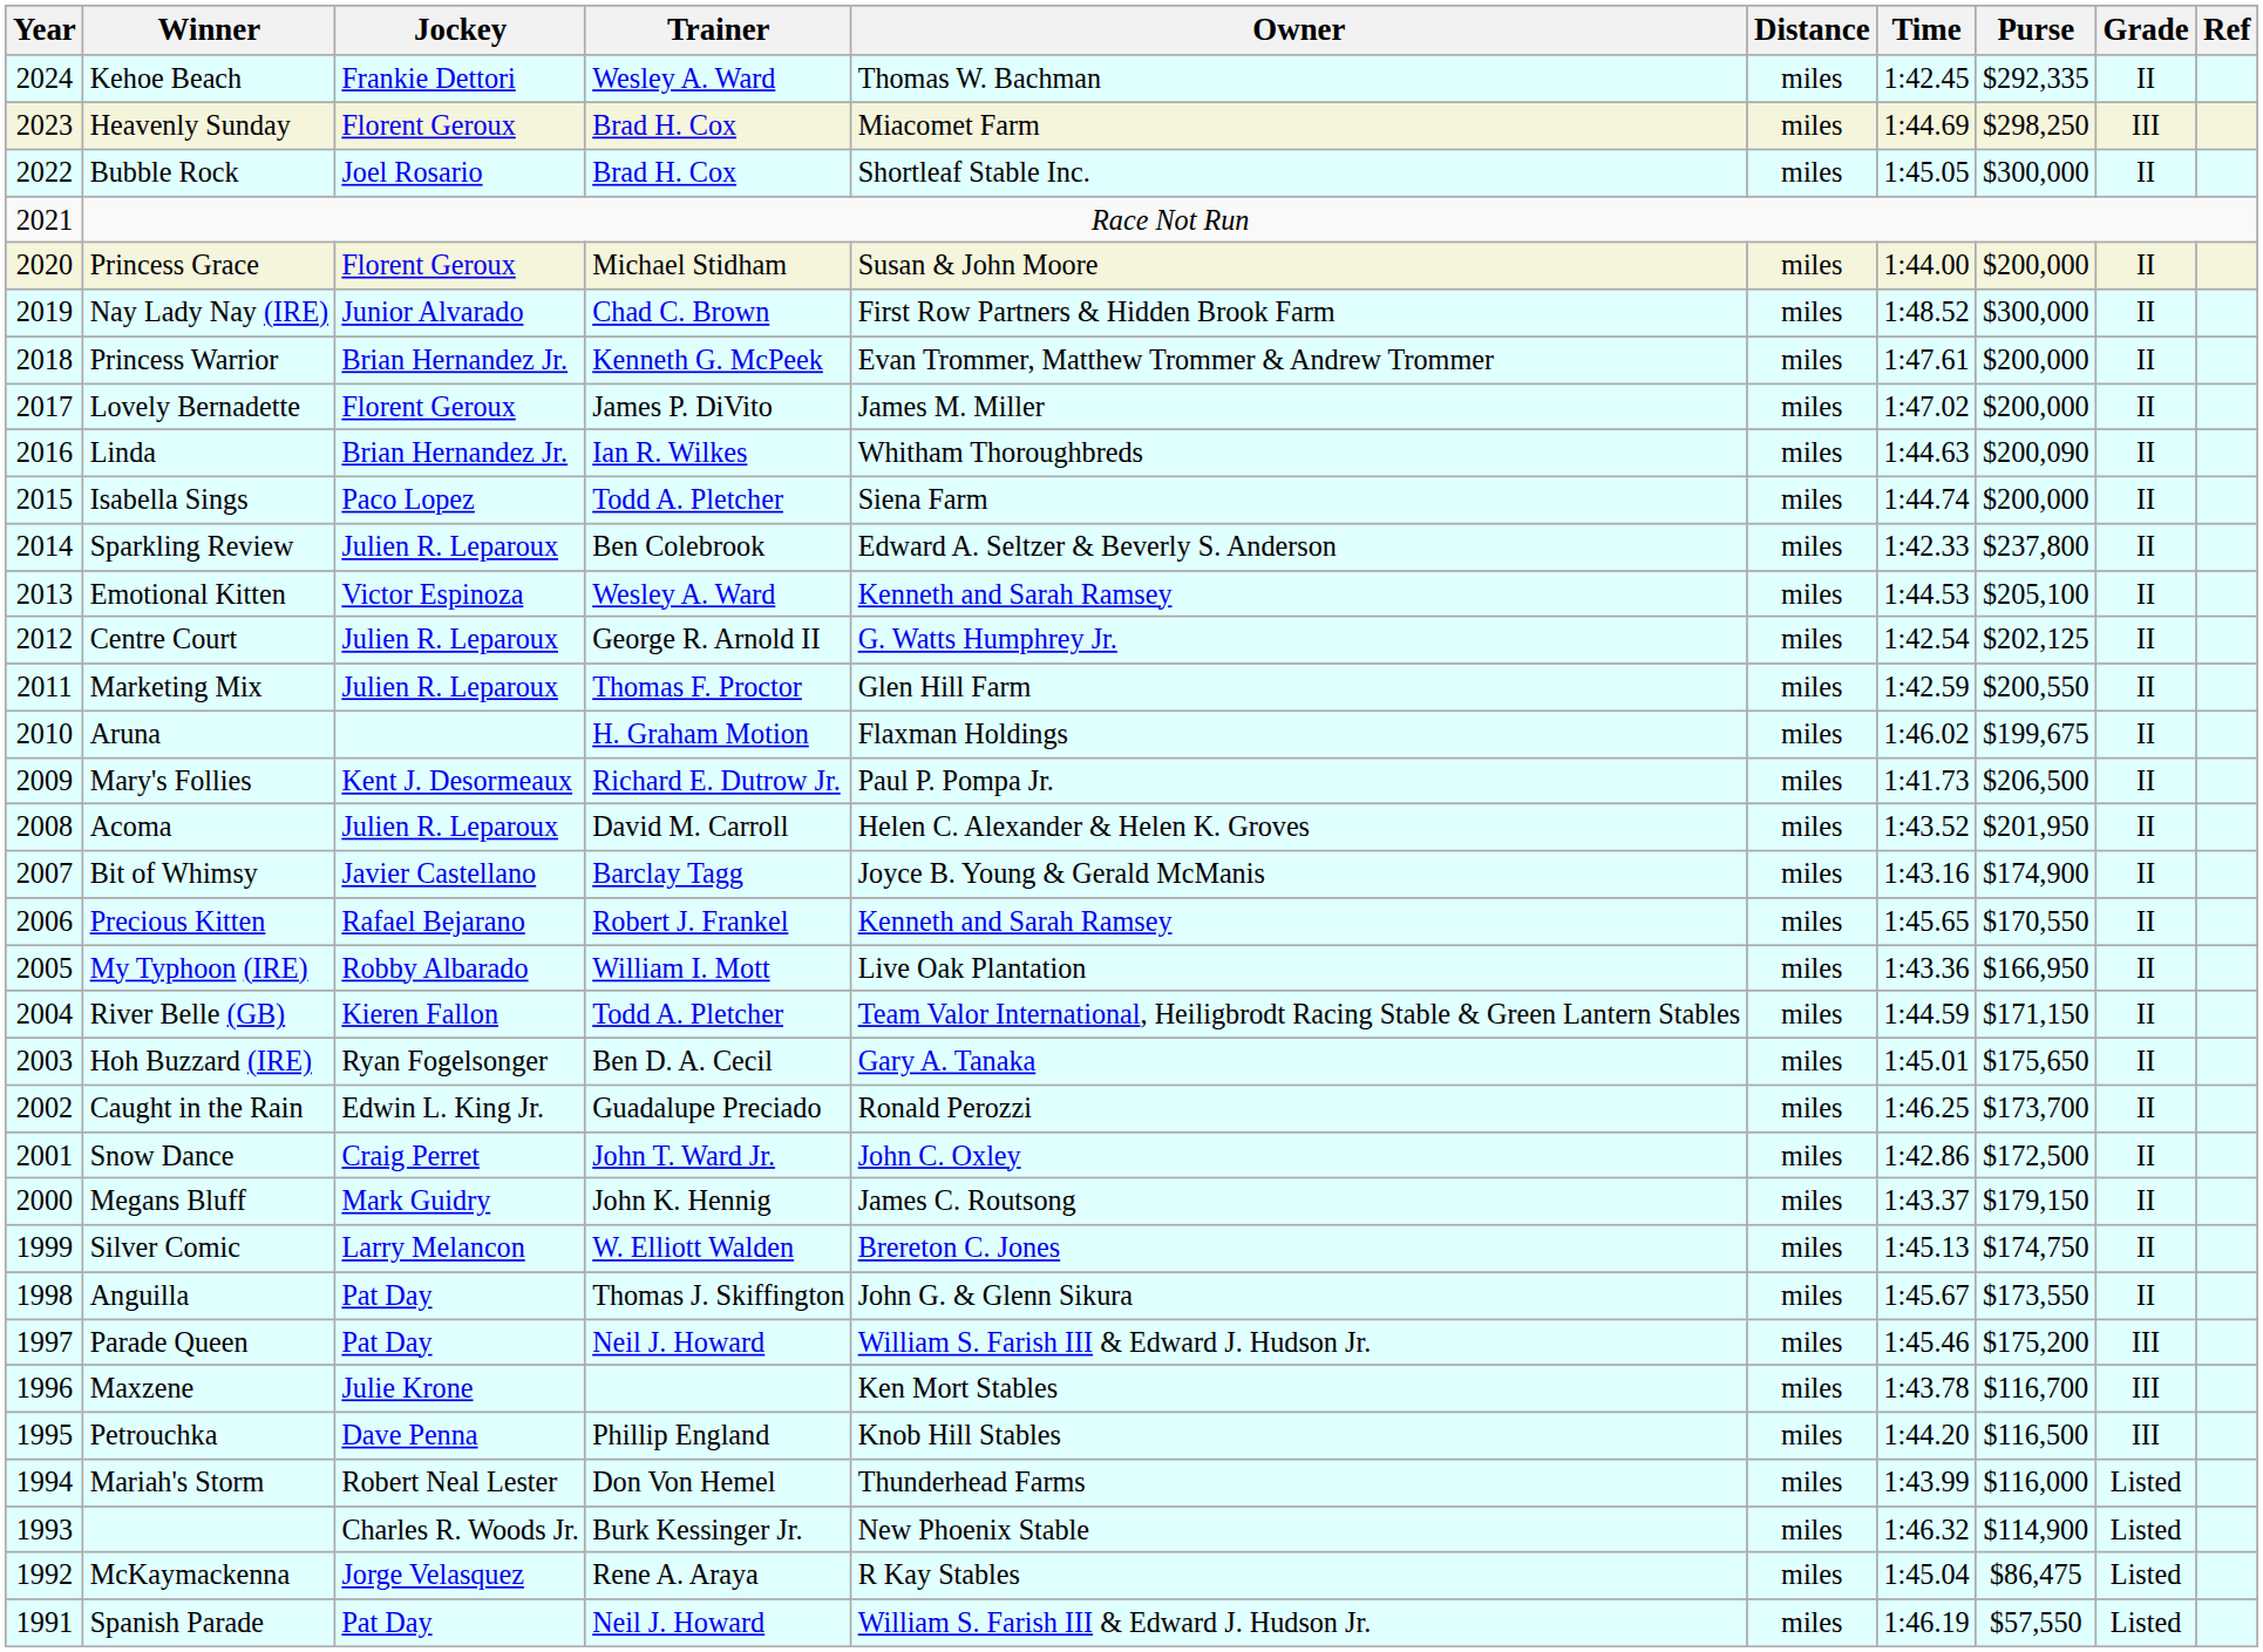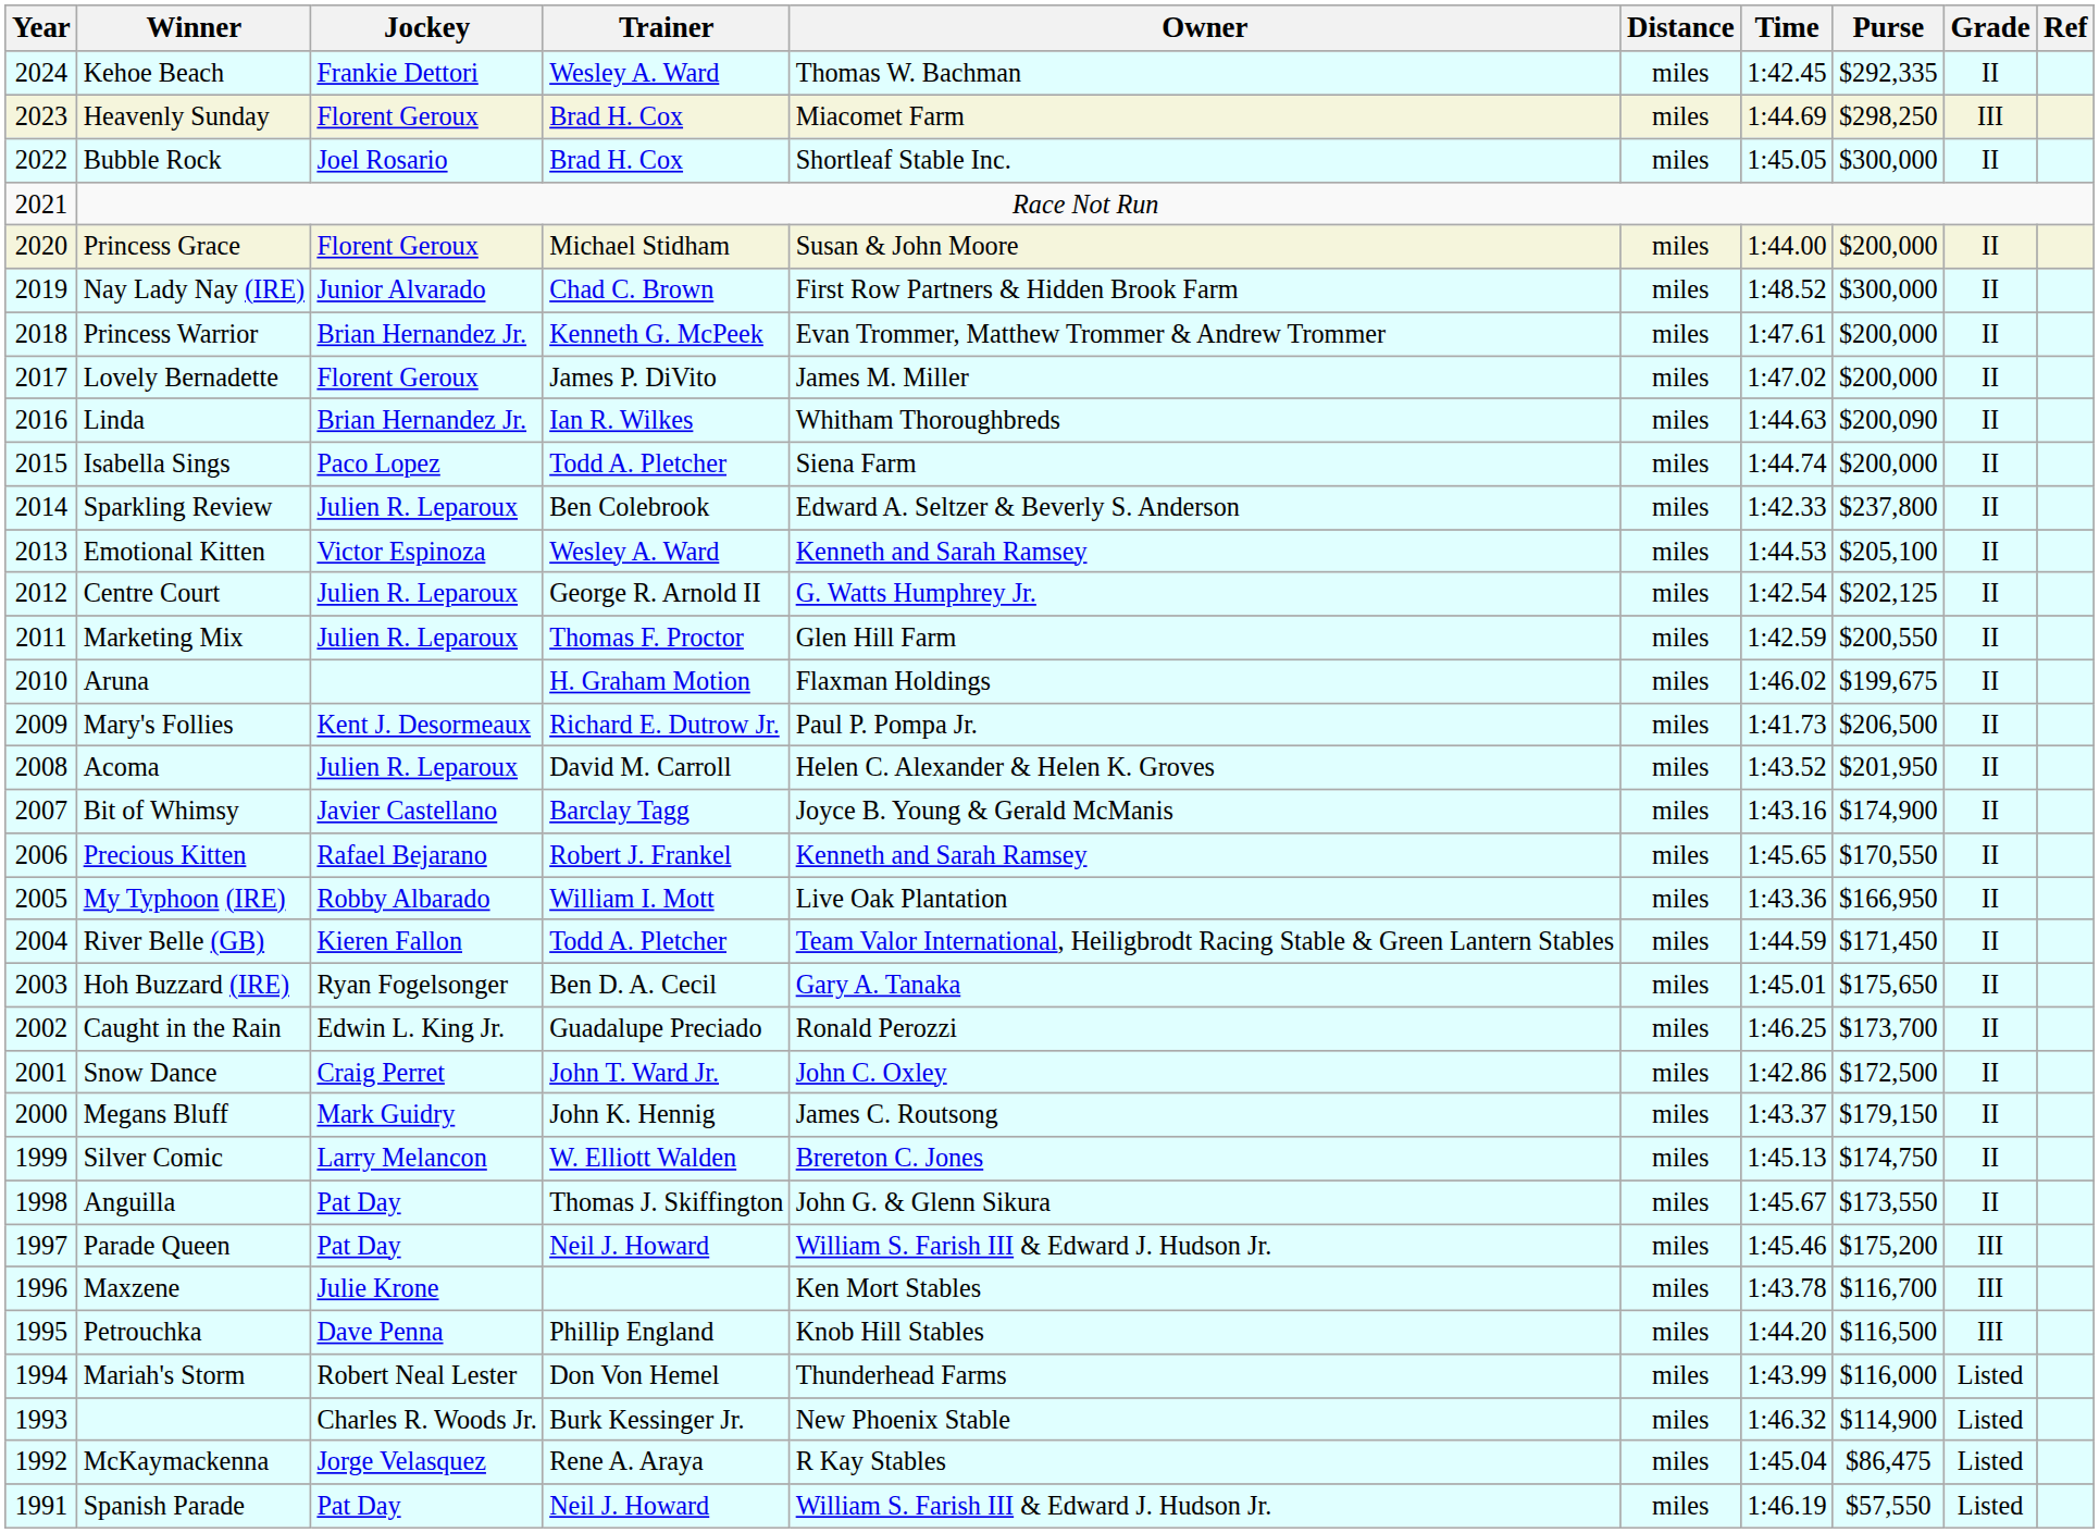 <table class="wikitable sortable">
 <tr>
 <th>Year</th>
 <th>Winner</th>
 <th>Jockey</th>
 <th>Trainer</th>
 <th>Owner</th>
 <th>Distance</th>
 <th>Time</th>
 <th>Purse</th>
 <th>Grade</th>
 <th>Ref</th>
 </tr>
 <tr style="font-size:90%; background-color:lightcyan">
 <td align=center>2024</td>
 <td>Kehoe Beach</td>
 <td><a href='#'>Frankie Dettori</a></td>
 <td><a href='#'>Wesley A. Ward</a></td>
 <td>Thomas W. Bachman</td>
 <td align=center> miles</td>
 <td align=center>1:42.45</td>
 <td align=center>$292,335</td>
 <td align=center>II</td>
 <td></td>
 </tr>
 <tr style="font-size:90%; background-color:beige">
 <td align=center>2023</td>
 <td>Heavenly Sunday</td>
 <td><a href='#'>Florent Geroux</a></td>
 <td><a href='#'>Brad H. Cox</a></td>
 <td>Miacomet Farm</td>
 <td align=center> miles</td>
 <td align=center>1:44.69</td>
 <td align=center>$298,250</td>
 <td align=center>III</td>
 <td></td>
 </tr>
 <tr style="font-size:90%; background-color:lightcyan">
 <td align=center>2022</td>
 <td>Bubble Rock</td>
 <td><a href='#'>Joel Rosario</a></td>
 <td><a href='#'>Brad H. Cox</a></td>
 <td>Shortleaf Stable Inc.</td>
 <td align=center> miles</td>
 <td align=center>1:45.05</td>
 <td align=center>$300,000</td>
 <td align=center>II</td>
 <td></td>
 </tr>
 <tr style="font-size:90%;">
 <td align=center>2021</td>
 <td align=center colspan="9"><em>Race Not Run</em></td>
 </tr>
 <tr style="font-size:90%; background-color:beige">
 <td align=center>2020</td>
 <td>Princess Grace</td>
 <td><a href='#'>Florent Geroux</a></td>
 <td>Michael Stidham</td>
 <td>Susan & John Moore</td>
 <td align=center> miles</td>
 <td align=center>1:44.00</td>
 <td align=center>$200,000</td>
 <td align=center>II</td>
 <td></td>
 </tr>
 <tr style="font-size:90%; background-color:lightcyan">
 <td align=center>2019</td>
 <td>Nay Lady Nay <a href='#'>(IRE)</a></td>
 <td><a href='#'>Junior Alvarado</a></td>
 <td><a href='#'>Chad C. Brown</a></td>
 <td>First Row Partners & Hidden Brook Farm</td>
 <td align=center> miles</td>
 <td align=center>1:48.52</td>
 <td align=center>$300,000</td>
 <td align=center>II</td>
 <td></td>
 </tr>
 <tr style="font-size:90%; background-color:lightcyan">
 <td align=center>2018</td>
 <td>Princess Warrior</td>
 <td><a href='#'>Brian Hernandez Jr.</a></td>
 <td><a href='#'>Kenneth G. McPeek</a></td>
 <td>Evan Trommer, Matthew Trommer & Andrew Trommer</td>
 <td align=center> miles</td>
 <td align=center>1:47.61</td>
 <td align=center>$200,000</td>
 <td align=center>II</td>
 <td></td>
 </tr>
 <tr style="font-size:90%; background-color:lightcyan">
 <td align=center>2017</td>
 <td>Lovely Bernadette</td>
 <td><a href='#'>Florent Geroux</a></td>
 <td>James P. DiVito</td>
 <td>James M. Miller</td>
 <td align=center> miles</td>
 <td align=center>1:47.02</td>
 <td align=center>$200,000</td>
 <td align=center>II</td>
 <td></td>
 </tr>
 <tr style="font-size:90%; background-color:lightcyan">
 <td align=center>2016</td>
 <td>Linda</td>
 <td><a href='#'>Brian Hernandez Jr.</a></td>
 <td><a href='#'>Ian R. Wilkes</a></td>
 <td>Whitham Thoroughbreds</td>
 <td align=center> miles</td>
 <td align=center>1:44.63</td>
 <td align=center>$200,090</td>
 <td align=center>II</td>
 <td></td>
 </tr>
 <tr style="font-size:90%; background-color:lightcyan">
 <td align=center>2015</td>
 <td>Isabella Sings</td>
 <td><a href='#'>Paco Lopez</a></td>
 <td><a href='#'>Todd A. Pletcher</a></td>
 <td>Siena Farm</td>
 <td align=center> miles</td>
 <td align=center>1:44.74</td>
 <td align=center>$200,000</td>
 <td align=center>II</td>
 <td></td>
 </tr>
 <tr style="font-size:90%; background-color:lightcyan">
 <td align=center>2014</td>
 <td>Sparkling Review</td>
 <td><a href='#'>Julien R. Leparoux</a></td>
 <td>Ben Colebrook</td>
 <td>Edward A. Seltzer &  Beverly S. Anderson</td>
 <td align=center> miles</td>
 <td align=center>1:42.33</td>
 <td align=center>$237,800</td>
 <td align=center>II</td>
 <td></td>
 </tr>
 <tr style="font-size:90%; background-color:lightcyan">
 <td align=center>2013</td>
 <td>Emotional Kitten</td>
 <td><a href='#'>Victor Espinoza</a></td>
 <td><a href='#'>Wesley A. Ward</a></td>
 <td><a href='#'>Kenneth and Sarah Ramsey</a></td>
 <td align=center> miles</td>
 <td align=center>1:44.53</td>
 <td align=center>$205,100</td>
 <td align=center>II</td>
 <td></td>
 </tr>
 <tr style="font-size:90%; background-color:lightcyan">
 <td align=center>2012</td>
 <td>Centre Court</td>
 <td><a href='#'>Julien R. Leparoux</a></td>
 <td>George R. Arnold II</td>
 <td><a href='#'>G. Watts Humphrey Jr.</a></td>
 <td align=center> miles</td>
 <td align=center>1:42.54</td>
 <td align=center>$202,125</td>
 <td align=center>II</td>
 <td></td>
 </tr>
 <tr style="font-size:90%; background-color:lightcyan">
 <td align=center>2011</td>
 <td>Marketing Mix</td>
 <td><a href='#'>Julien R. Leparoux</a></td>
 <td><a href='#'>Thomas F. Proctor</a></td>
 <td>Glen Hill Farm</td>
 <td align=center> miles</td>
 <td align=center>1:42.59</td>
 <td align=center>$200,550</td>
 <td align=center>II</td>
 <td></td>
 </tr>
 <tr style="font-size:90%; background-color:lightcyan">
 <td align=center>2010</td>
 <td>Aruna</td>
 <td></td>
 <td><a href='#'>H. Graham Motion</a></td>
 <td>Flaxman Holdings</td>
 <td align=center> miles</td>
 <td align=center>1:46.02</td>
 <td align=center>$199,675</td>
 <td align=center>II</td>
 <td></td>
 </tr>
 <tr style="font-size:90%; background-color:lightcyan">
 <td align=center>2009</td>
 <td>Mary's Follies</td>
 <td><a href='#'>Kent J. Desormeaux</a></td>
 <td><a href='#'>Richard E. Dutrow Jr.</a></td>
 <td>Paul P. Pompa Jr.</td>
 <td align=center> miles</td>
 <td align=center>1:41.73</td>
 <td align=center>$206,500</td>
 <td align=center>II</td>
 <td></td>
 </tr>
 <tr style="font-size:90%; background-color:lightcyan">
 <td align=center>2008</td>
 <td>Acoma</td>
 <td><a href='#'>Julien R. Leparoux</a></td>
 <td>David M. Carroll</td>
 <td>Helen C. Alexander & Helen K. Groves</td>
 <td align=center> miles</td>
 <td align=center>1:43.52</td>
 <td align=center>$201,950</td>
 <td align=center>II</td>
 <td></td>
 </tr>
 <tr style="font-size:90%; background-color:lightcyan">
 <td align=center>2007</td>
 <td>Bit of Whimsy</td>
 <td><a href='#'>Javier Castellano</a></td>
 <td><a href='#'>Barclay Tagg</a></td>
 <td>Joyce B. Young & Gerald McManis</td>
 <td align=center> miles</td>
 <td align=center>1:43.16</td>
 <td align=center>$174,900</td>
 <td align=center>II</td>
 <td></td>
 </tr>
 <tr style="font-size:90%; background-color:lightcyan">
 <td align=center>2006</td>
 <td><a href='#'>Precious Kitten</a></td>
 <td><a href='#'>Rafael Bejarano</a></td>
 <td><a href='#'>Robert J. Frankel</a></td>
 <td><a href='#'>Kenneth and Sarah Ramsey</a></td>
 <td align=center> miles</td>
 <td align=center>1:45.65</td>
 <td align=center>$170,550</td>
 <td align=center>II</td>
 <td></td>
 </tr>
 <tr style="font-size:90%; background-color:lightcyan">
 <td align=center>2005</td>
 <td><a href='#'>My Typhoon</a> <a href='#'>(IRE)</a></td>
 <td><a href='#'>Robby Albarado</a></td>
 <td><a href='#'>William I. Mott</a></td>
 <td>Live Oak Plantation</td>
 <td align=center> miles</td>
 <td align=center>1:43.36</td>
 <td align=center>$166,950</td>
 <td align=center>II</td>
 <td></td>
 </tr>
 <tr style="font-size:90%; background-color:lightcyan">
 <td align=center>2004</td>
 <td>River Belle <a href='#'>(GB)</a></td>
 <td><a href='#'>Kieren Fallon</a></td>
 <td><a href='#'>Todd A. Pletcher</a></td>
 <td><a href='#'>Team Valor International</a>, Heiligbrodt Racing Stable & Green Lantern Stables</td>
 <td align=center> miles</td>
 <td align=center>1:44.59</td>
-<td align=center>$171,150</td>
+<td align=center>$171,450</td>
 <td align=center>II</td>
 <td></td>
 </tr>
 <tr style="font-size:90%; background-color:lightcyan">
 <td align=center>2003</td>
 <td>Hoh Buzzard <a href='#'>(IRE)</a></td>
 <td>Ryan Fogelsonger</td>
 <td>Ben D. A. Cecil</td>
 <td><a href='#'>Gary A. Tanaka</a></td>
 <td align=center> miles</td>
 <td align=center>1:45.01</td>
 <td align=center>$175,650</td>
 <td align=center>II</td>
 <td></td>
 </tr>
 <tr style="font-size:90%; background-color:lightcyan">
 <td align=center>2002</td>
 <td>Caught in the Rain</td>
 <td>Edwin L. King Jr.</td>
 <td>Guadalupe Preciado</td>
 <td>Ronald Perozzi</td>
 <td align=center> miles</td>
 <td align=center>1:46.25</td>
 <td align=center>$173,700</td>
 <td align=center>II</td>
 <td></td>
 </tr>
 <tr style="font-size:90%; background-color:lightcyan">
 <td align=center>2001</td>
 <td>Snow Dance</td>
 <td><a href='#'>Craig Perret</a></td>
 <td><a href='#'>John T. Ward Jr.</a></td>
 <td><a href='#'>John C. Oxley</a></td>
 <td align=center> miles</td>
 <td align=center>1:42.86</td>
 <td align=center>$172,500</td>
 <td align=center>II</td>
 <td></td>
 </tr>
 <tr style="font-size:90%; background-color:lightcyan">
 <td align=center>2000</td>
 <td>Megans Bluff</td>
 <td><a href='#'>Mark Guidry</a></td>
 <td>John K. Hennig</td>
 <td>James C. Routsong</td>
 <td align=center> miles</td>
 <td align=center>1:43.37</td>
 <td align=center>$179,150</td>
 <td align=center>II</td>
 <td></td>
 </tr>
 <tr style="font-size:90%; background-color:lightcyan">
 <td align=center>1999</td>
 <td>Silver Comic</td>
 <td><a href='#'>Larry Melancon</a></td>
 <td><a href='#'>W. Elliott Walden</a></td>
 <td><a href='#'>Brereton C. Jones</a></td>
 <td align=center> miles</td>
 <td align=center>1:45.13</td>
 <td align=center>$174,750</td>
 <td align=center>II</td>
 <td></td>
 </tr>
 <tr style="font-size:90%; background-color:lightcyan">
 <td align=center>1998</td>
 <td>Anguilla</td>
 <td><a href='#'>Pat Day</a></td>
 <td>Thomas J. Skiffington</td>
 <td>John G. & Glenn Sikura</td>
 <td align=center> miles</td>
 <td align=center>1:45.67</td>
 <td align=center>$173,550</td>
 <td align=center>II</td>
 <td></td>
 </tr>
 <tr style="font-size:90%; background-color:lightcyan">
 <td align=center>1997</td>
 <td>Parade Queen</td>
 <td><a href='#'>Pat Day</a></td>
 <td><a href='#'>Neil J. Howard</a></td>
 <td><a href='#'>William S. Farish III</a> & Edward J. Hudson Jr.</td>
 <td align=center> miles</td>
 <td align=center>1:45.46</td>
 <td align=center>$175,200</td>
 <td align=center>III</td>
 <td></td>
 </tr>
 <tr style="font-size:90%; background-color:lightcyan">
 <td align=center>1996</td>
 <td>Maxzene</td>
 <td><a href='#'>Julie Krone</a></td>
 <td></td>
 <td>Ken Mort Stables</td>
 <td align=center> miles</td>
 <td align=center>1:43.78</td>
 <td align=center>$116,700</td>
 <td align=center>III</td>
 <td></td>
 </tr>
 <tr style="font-size:90%; background-color:lightcyan">
 <td align=center>1995</td>
 <td>Petrouchka</td>
 <td><a href='#'>Dave Penna</a></td>
 <td>Phillip England</td>
 <td>Knob Hill Stables</td>
 <td align=center> miles</td>
 <td align=center>1:44.20</td>
 <td align=center>$116,500</td>
 <td align=center>III</td>
 <td></td>
 </tr>
 <tr style="font-size:90%; background-color:lightcyan">
 <td align=center>1994</td>
 <td>Mariah's Storm</td>
 <td>Robert Neal Lester</td>
 <td>Don Von Hemel</td>
 <td>Thunderhead Farms</td>
 <td align=center> miles</td>
 <td align=center>1:43.99</td>
 <td align=center>$116,000</td>
 <td align=center>Listed</td>
 <td></td>
 </tr>
 <tr style="font-size:90%; background-color:lightcyan">
 <td align=center>1993</td>
 <td></td>
 <td>Charles R. Woods Jr.</td>
 <td>Burk Kessinger Jr.</td>
 <td>New Phoenix Stable</td>
 <td align=center> miles</td>
 <td align=center>1:46.32</td>
 <td align=center>$114,900</td>
 <td align=center>Listed</td>
 <td></td>
 </tr>
 <tr style="font-size:90%; background-color:lightcyan">
 <td align=center>1992</td>
 <td>McKaymackenna</td>
 <td><a href='#'>Jorge Velasquez</a></td>
 <td>Rene A. Araya</td>
 <td>R Kay Stables</td>
 <td align=center> miles</td>
 <td align=center>1:45.04</td>
 <td align=center>$86,475</td>
 <td align=center>Listed</td>
 <td></td>
 </tr>
 <tr style="font-size:90%; background-color:lightcyan">
 <td align=center>1991</td>
 <td>Spanish Parade</td>
 <td><a href='#'>Pat Day</a></td>
 <td><a href='#'>Neil J. Howard</a></td>
 <td><a href='#'>William S. Farish III</a> & Edward J. Hudson Jr.</td>
 <td align=center> miles</td>
 <td align=center>1:46.19</td>
 <td align=center>$57,550</td>
 <td align=center>Listed</td>
 <td></td>
 </tr>
 </table>
